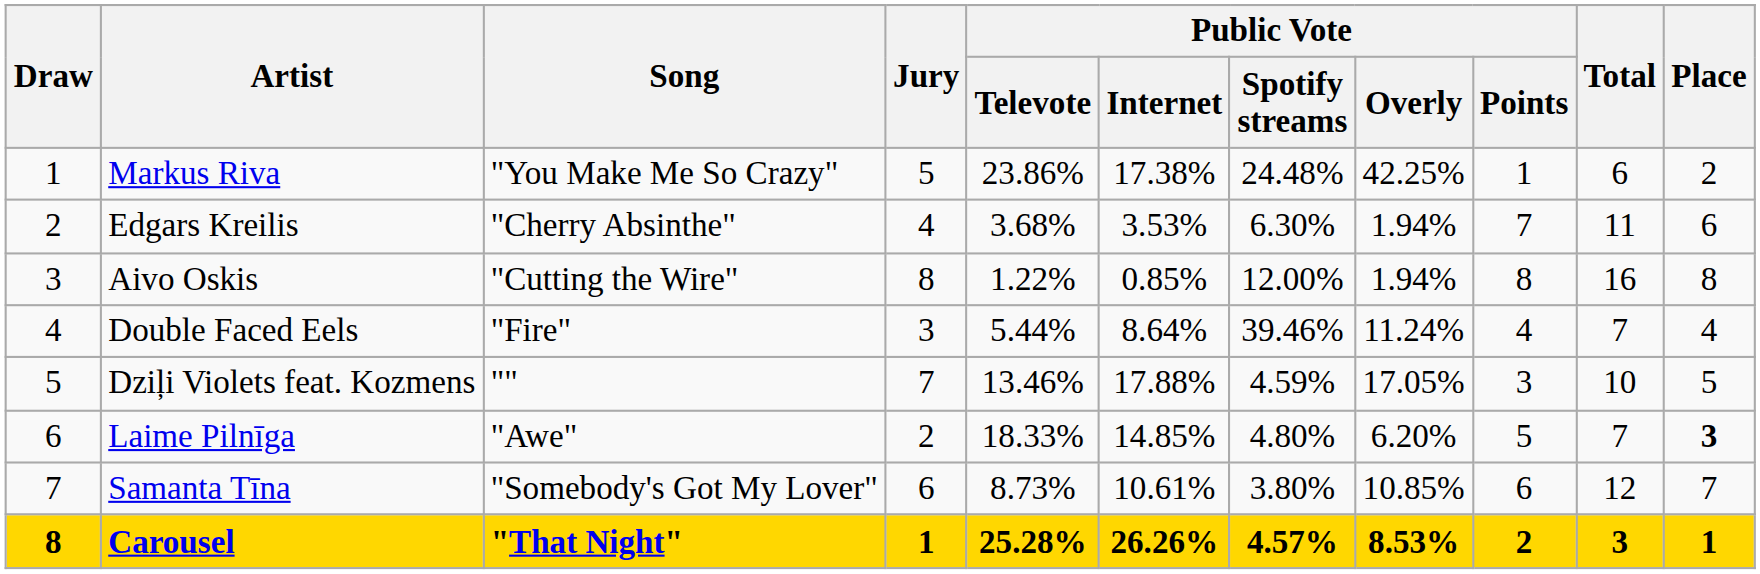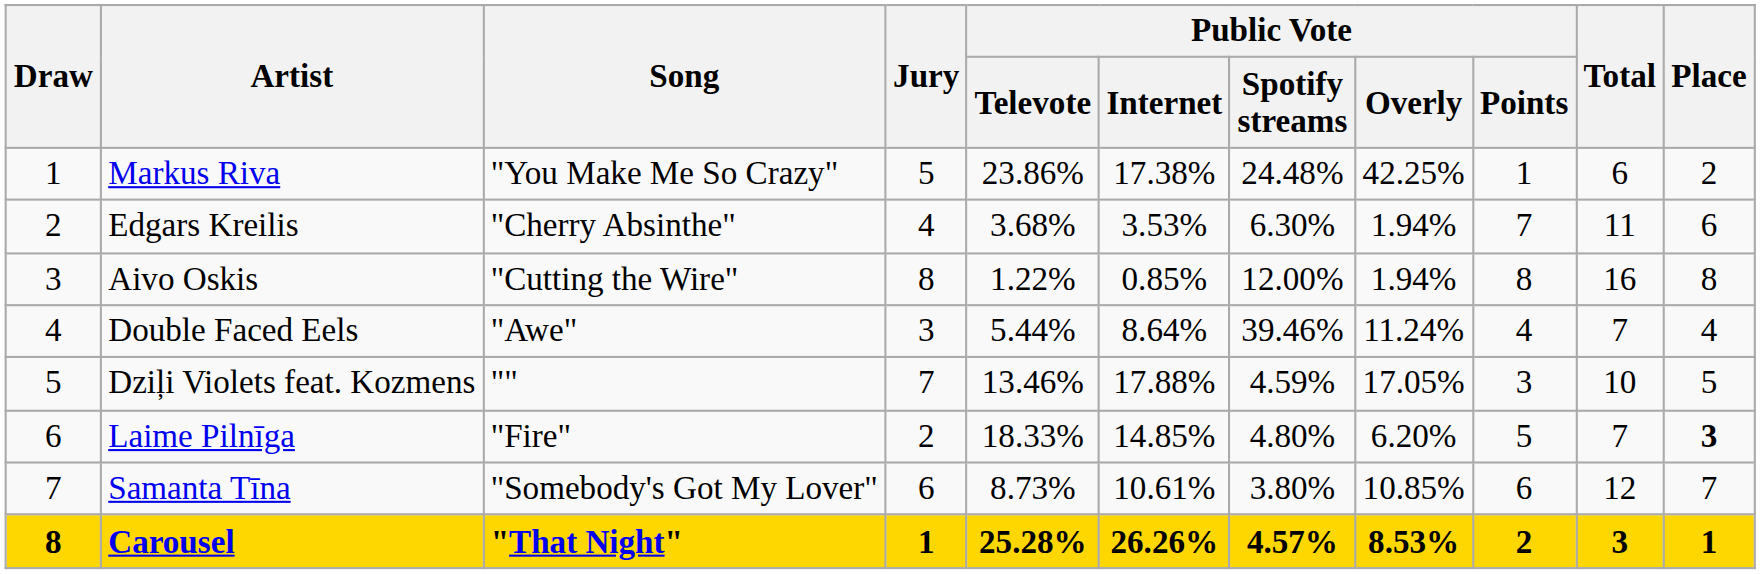 <table class="sortable wikitable" style="margin: 1em auto 1em auto; text-align:center;">
 <tr>
 <th rowspan="2">Draw</th>
 <th rowspan="2">Artist</th>
 <th rowspan="2">Song</th>
 <th rowspan="2">Jury</th>
 <th colspan="5">Public Vote</th>
 <th rowspan="2">Total</th>
 <th rowspan="2">Place</th>
 </tr>
 <tr>
 <th>Televote</th>
 <th>Internet</th>
 <th>Spotify<br>streams</th>
 <th>Overly</th>
 <th>Points</th>
 </tr>
 <tr>
 <td>1</td>
 <td align="left"><a href='#'>Markus Riva</a></td>
 <td align="left">"You Make Me So Crazy"</td>
 <td>5</td>
 <td>23.86%</td>
 <td>17.38%</td>
 <td>24.48%</td>
 <td>42.25%</td>
 <td>1</td>
 <td>6</td>
 <td>2</td>
 </tr>
 <tr>
 <td>2</td>
 <td align="left">Edgars Kreilis</td>
 <td align="left">"Cherry Absinthe"</td>
 <td>4</td>
 <td>3.68%</td>
 <td>3.53%</td>
 <td>6.30%</td>
 <td>1.94%</td>
 <td>7</td>
 <td>11</td>
 <td>6</td>
 </tr>
 <tr>
 <td>3</td>
 <td align="left">Aivo Oskis</td>
 <td align="left">"Cutting the Wire"</td>
 <td>8</td>
 <td>1.22%</td>
 <td>0.85%</td>
 <td>12.00%</td>
 <td>1.94%</td>
 <td>8</td>
 <td>16</td>
 <td>8</td>
 </tr>
 <tr>
 <td>4</td>
 <td align="left">Double Faced Eels</td>
-<td align="left">"Fire"</td>
+<td align="left">"Awe"</td>
 <td>3</td>
 <td>5.44%</td>
 <td>8.64%</td>
 <td>39.46%</td>
 <td>11.24%</td>
 <td>4</td>
 <td>7</td>
 <td>4</td>
 </tr>
 <tr>
 <td>5</td>
 <td align="left">Dziļi Violets feat. Kozmens</td>
 <td align="left">""</td>
 <td>7</td>
 <td>13.46%</td>
 <td>17.88%</td>
 <td>4.59%</td>
 <td>17.05%</td>
 <td>3</td>
 <td>10</td>
 <td>5</td>
 </tr>
 <tr>
 <td>6</td>
 <td align="left"><a href='#'>Laime Pilnīga</a></td>
-<td align="left">"Awe"</td>
+<td align="left">"Fire"</td>
 <td>2</td>
 <td>18.33%</td>
 <td>14.85%</td>
 <td>4.80%</td>
 <td>6.20%</td>
 <td>5</td>
 <td>7</td>
 <td><strong>3</strong></td>
 </tr>
 <tr>
 <td>7</td>
 <td align="left"><a href='#'>Samanta Tīna</a></td>
 <td align="left">"Somebody's Got My Lover"</td>
 <td>6</td>
 <td>8.73%</td>
 <td>10.61%</td>
 <td>3.80%</td>
 <td>10.85%</td>
 <td>6</td>
 <td>12</td>
 <td>7</td>
 </tr>
 <tr style="font-weight:bold; background:gold;">
 <td>8</td>
 <td align="left"><a href='#'>Carousel</a></td>
 <td align="left">"<a href='#'>That Night</a>"</td>
 <td>1</td>
 <td>25.28%</td>
 <td>26.26%</td>
 <td>4.57%</td>
 <td>8.53%</td>
 <td>2</td>
 <td>3</td>
 <td>1</td>
 </tr>
 </table>
